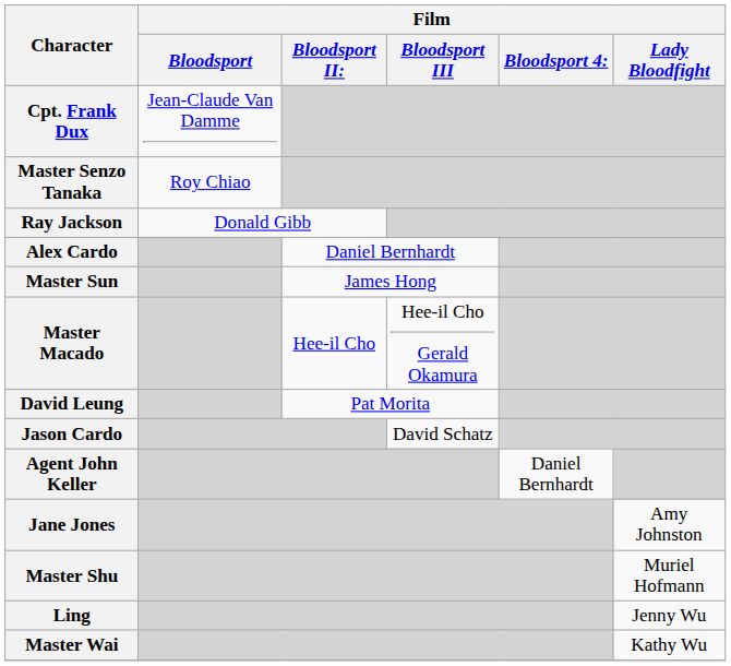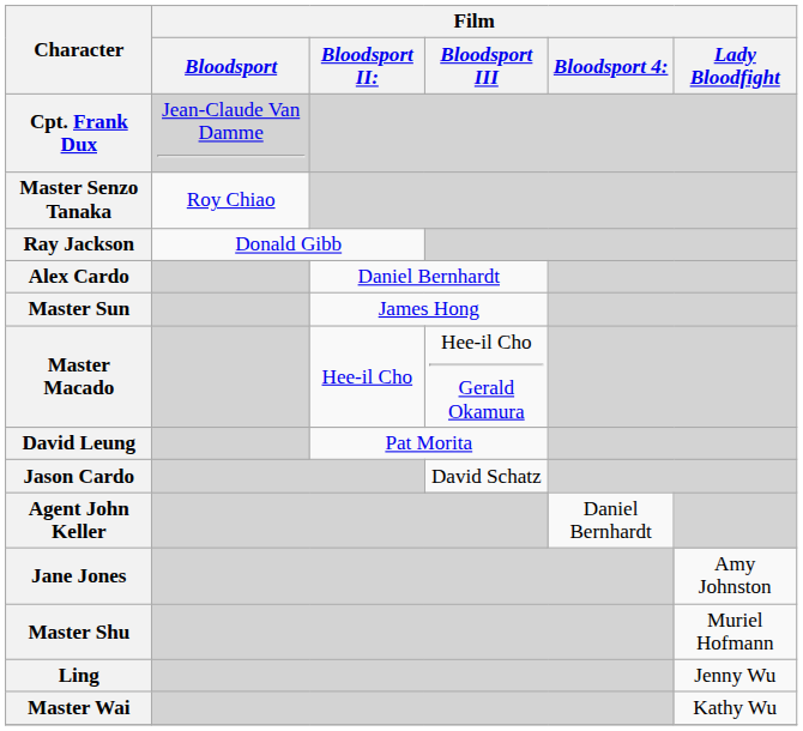 <table class="wikitable plainrowheaders" style="text-align:center; width:99%;">
 <tr>
 <th rowspan="2">Character</th>
 <th colspan="5">Film</th>
 </tr>
 <tr>
 <th><em><a href='#'>Bloodsport</a></em></th>
 <th><em><a href='#'>Bloodsport II:<br></a></em></th>
 <th><em><a href='#'>Bloodsport III</a></em></th>
 <th><em><a href='#'>Bloodsport 4:<br></a></em></th>
 <th><em><a href='#'>Lady Bloodfight</a></em></th>
 </tr>
 <tr>
 <th>Cpt. <a href='#'>Frank Dux</a></th>
-<td><a href='#'>Jean-Claude Van Damme</a> <hr></td>
+<td style="background: lightgrey;"><a href='#'>Jean-Claude Van Damme</a> <hr></td>
 <td colspan="4" style="background:lightgrey;"></td>
 </tr>
 <tr>
 <th>Master Senzo Tanaka</th>
 <td><a href='#'>Roy Chiao</a></td>
 <td colspan="4" style="background:lightgrey;"></td>
 </tr>
 <tr>
 <th>Ray Jackson</th>
 <td colspan="2"><a href='#'>Donald Gibb</a></td>
 <td colspan="3" style="background:lightgrey;"></td>
 </tr>
 <tr>
 <th>Alex Cardo</th>
 <td style="background:lightgrey;"></td>
 <td colspan="2"><a href='#'>Daniel Bernhardt</a></td>
 <td colspan="2" style="background:lightgrey;"></td>
 </tr>
 <tr>
 <th>Master Sun</th>
 <td style="background:lightgrey;"></td>
 <td colspan="2"><a href='#'>James Hong</a></td>
 <td colspan="2" style="background:lightgrey;"></td>
 </tr>
 <tr>
 <th>Master Macado <br></th>
 <td style="background:lightgrey;"></td>
 <td><a href='#'>Hee-il Cho</a></td>
 <td>Hee-il Cho <hr><a href='#'>Gerald Okamura</a></td>
 <td colspan="2" style="background:lightgrey;"></td>
 </tr>
 <tr>
 <th>David Leung</th>
 <td style="background:lightgrey;"></td>
 <td colspan="2"><a href='#'>Pat Morita</a></td>
 <td colspan="2" style="background:lightgrey;"></td>
 </tr>
 <tr>
 <th>Jason Cardo</th>
 <td colspan="2" style="background:lightgrey;"></td>
 <td>David Schatz</td>
 <td colspan="2" style="background:lightgrey;"></td>
 </tr>
 <tr>
 <th>Agent John Keller</th>
 <td colspan="3" style="background:lightgrey;"></td>
 <td>Daniel Bernhardt</td>
 <td style="background:lightgrey;"></td>
 </tr>
 <tr>
 <th>Jane Jones</th>
 <td colspan="4" style="background:lightgrey;"></td>
 <td>Amy Johnston</td>
 </tr>
 <tr>
 <th>Master Shu</th>
 <td colspan="4" style="background:lightgrey;"></td>
 <td>Muriel Hofmann</td>
 </tr>
 <tr>
 <th>Ling</th>
 <td colspan="4" style="background:lightgrey;"></td>
 <td>Jenny Wu</td>
 </tr>
 <tr>
 <th>Master Wai</th>
 <td colspan="4" style="background:lightgrey;"></td>
 <td>Kathy Wu</td>
 </tr>
 <tr>
 </tr>
 </table>
